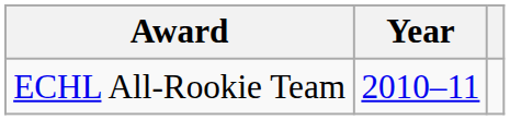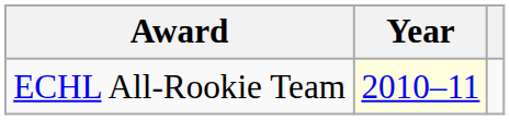 <table class="wikitable">
 <tr>
 <th>Award</th>
 <th>Year</th>
 <th></th>
 </tr>
 <tr>
 <td><a href='#'>ECHL</a> All-Rookie Team</td>
-<td><a href='#'>2010–11</a></td>
+<td style="background: lightyellow;"><a href='#'>2010–11</a></td>
 <td></td>
 </tr>
 </table>
